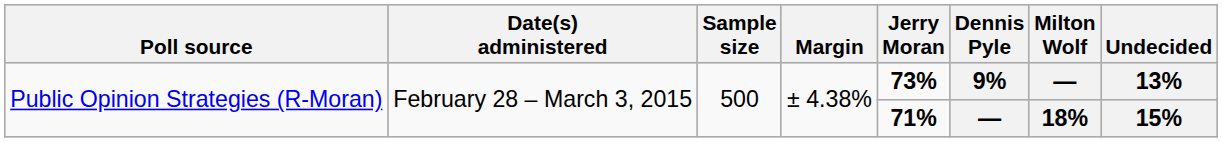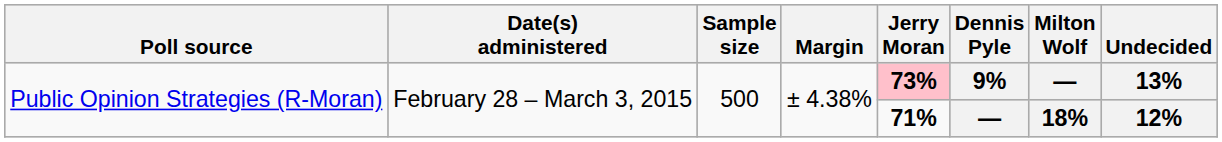 <table class="wikitable" style="font-size:90%;text-align:center;">
 <tr valign=bottom style="font-size:90%;">
 <th>Poll source</th>
 <th>Date(s)<br>administered</th>
 <th>Sample<br>size</th>
 <th>Margin<br></th>
 <th>Jerry<br>Moran</th>
 <th>Dennis<br>Pyle</th>
 <th>Milton<br>Wolf</th>
 <th>Undecided</th>
 </tr>
 <tr>
 <td rowspan=2><a href='#'>Public Opinion Strategies (R-Moran)</a></td>
 <td rowspan=2>February 28 – March 3, 2015</td>
 <td rowspan=2>500</td>
 <td rowspan=2>± 4.38%</td>
-<td><strong>73%</strong></td>
+<td style="background: pink;"><strong>73%</strong></td>
 <th>9%</th>
 <th>—</th>
 <th>13%</th>
 </tr>
 <tr>
 <td><strong>71%</strong></td>
 <th>—</th>
 <th>18%</th>
-<th>15%</th>
+<th>12%</th>
 </tr>
 </table>
